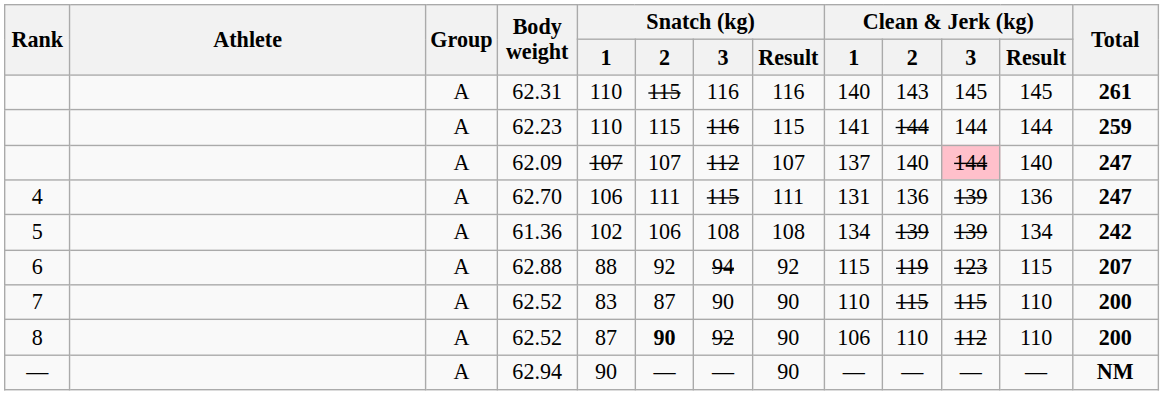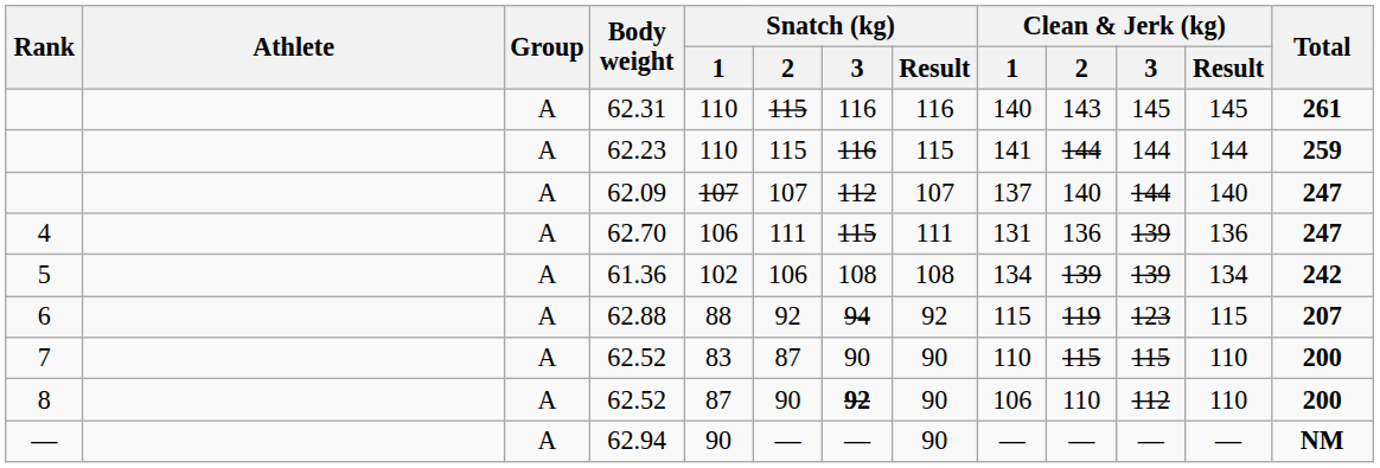 <table class = "wikitable" style="text-align:center;">
 <tr>
 <th rowspan=2 width=40>Rank</th>
 <th rowspan=2 width=250>Athlete</th>
 <th rowspan=2 width=40>Group</th>
 <th rowspan=2 width=50>Body weight</th>
 <th colspan=4>Snatch (kg)</th>
 <th colspan=4>Clean & Jerk (kg)</th>
 <th rowspan=2 width=55>Total</th>
 </tr>
 <tr>
 <th width=35>1</th>
 <th width=35>2</th>
 <th width=35>3</th>
 <th width=45>Result</th>
 <th width=35>1</th>
 <th width=35>2</th>
 <th width=35>3</th>
 <th width=45>Result</th>
 </tr>
 <tr>
 <td></td>
 <td align=left></td>
 <td>A</td>
 <td>62.31</td>
 <td>110</td>
 <td><s>115</s></td>
 <td>116</td>
 <td>116</td>
 <td>140</td>
 <td>143</td>
 <td>145</td>
 <td>145</td>
 <td><strong>261</strong></td>
 </tr>
 <tr>
 <td></td>
 <td align=left></td>
 <td>A</td>
 <td>62.23</td>
 <td>110</td>
 <td>115</td>
 <td><s>116</s></td>
 <td>115</td>
 <td>141</td>
 <td><s>144</s></td>
 <td>144</td>
 <td>144</td>
 <td><strong>259</strong></td>
 </tr>
 <tr>
 <td></td>
 <td align=left></td>
 <td>A</td>
 <td>62.09</td>
 <td><s>107</s></td>
 <td>107</td>
 <td><s>112</s></td>
 <td>107</td>
 <td>137</td>
 <td>140</td>
-<td style="background: pink;"><s>144</s></td>
+<td><s>144</s></td>
 <td>140</td>
 <td><strong>247</strong></td>
 </tr>
 <tr>
 <td>4</td>
 <td align=left></td>
 <td>A</td>
 <td>62.70</td>
 <td>106</td>
 <td>111</td>
 <td><s>115</s></td>
 <td>111</td>
 <td>131</td>
 <td>136</td>
 <td><s>139</s></td>
 <td>136</td>
 <td><strong>247</strong></td>
 </tr>
 <tr>
 <td>5</td>
 <td align=left></td>
 <td>A</td>
 <td>61.36</td>
 <td>102</td>
 <td>106</td>
 <td>108</td>
 <td>108</td>
 <td>134</td>
 <td><s>139</s></td>
 <td><s>139</s></td>
 <td>134</td>
 <td><strong>242</strong></td>
 </tr>
 <tr>
 <td>6</td>
 <td align=left></td>
 <td>A</td>
 <td>62.88</td>
 <td>88</td>
 <td>92</td>
 <td><s>94</s></td>
 <td>92</td>
 <td>115</td>
 <td><s>119</s></td>
 <td><s>123</s></td>
 <td>115</td>
 <td><strong>207</strong></td>
 </tr>
 <tr>
 <td>7</td>
 <td align=left></td>
 <td>A</td>
 <td>62.52</td>
 <td>83</td>
 <td>87</td>
 <td>90</td>
 <td>90</td>
 <td>110</td>
 <td><s>115</s></td>
 <td><s>115</s></td>
 <td>110</td>
 <td><strong>200</strong></td>
 </tr>
 <tr>
 <td>8</td>
 <td align=left></td>
 <td>A</td>
 <td>62.52</td>
 <td>87</td>
-<td><strong>90</strong></td>
-<td><s>92</s></td>
+<td>90</td>
+<td><strong><s>92</s></strong></td>
 <td>90</td>
 <td>106</td>
 <td>110</td>
 <td><s>112</s></td>
 <td>110</td>
 <td><strong>200</strong></td>
 </tr>
 <tr>
 <td>—</td>
 <td align=left></td>
 <td>A</td>
 <td>62.94</td>
 <td>90</td>
 <td>—</td>
 <td>—</td>
 <td>90</td>
 <td>—</td>
 <td>—</td>
 <td>—</td>
 <td>—</td>
 <td><strong>NM</strong></td>
 </tr>
 </table>
